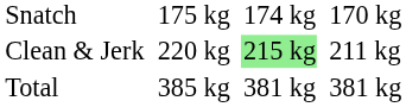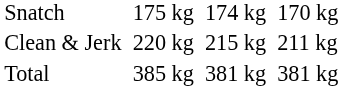 <table>
 <tr>
 <td>Snatch</td>
 <td></td>
 <td>175 kg</td>
 <td></td>
 <td>174 kg</td>
 <td></td>
 <td>170 kg</td>
 </tr>
 <tr>
 <td>Clean & Jerk</td>
 <td></td>
 <td>220 kg</td>
 <td></td>
-<td style="background: lightgreen;">215 kg</td>
+<td>215 kg</td>
 <td></td>
 <td>211 kg</td>
 </tr>
 <tr>
 <td>Total</td>
 <td></td>
 <td>385 kg</td>
 <td></td>
 <td>381 kg</td>
 <td></td>
 <td>381 kg</td>
 </tr>
 </table>
